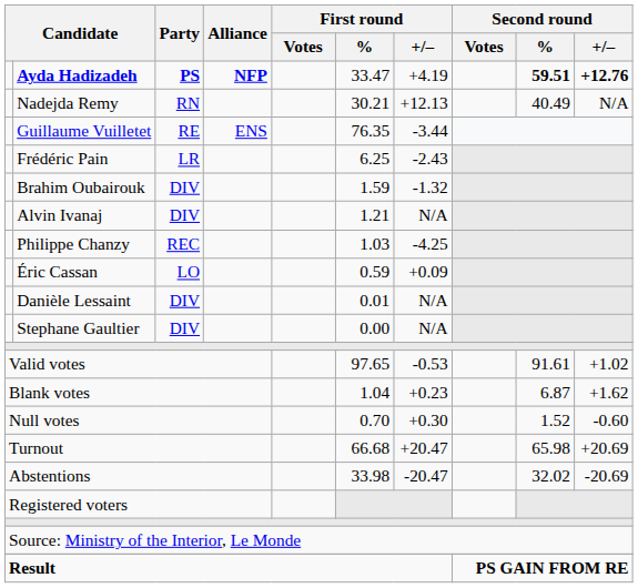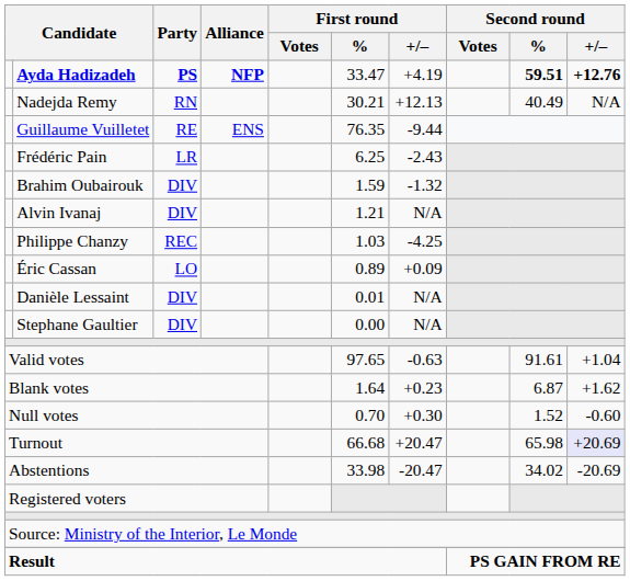 <table class="wikitable" style="text-align:right;font-size:95%;">
 <tr>
 <th rowspan="2" colspan="2">Candidate</th>
 <th rowspan="2">Party</th>
 <th rowspan="2">Alliance</th>
 <th colspan="3">First round</th>
 <th colspan="3">Second round</th>
 </tr>
 <tr>
 <th style="width:50px;">Votes</th>
 <th style="width:45px;">%</th>
 <th style="width:45px;">+/–</th>
 <th style="width:50px;">Votes</th>
 <th style="width:45px;">%</th>
 <th style="width:45px;">+/–</th>
 </tr>
 <tr>
 <td style="color:inherit;background:"></td>
 <td style="text-align:left;"><strong><a href='#'>Ayda Hadizadeh</a></strong></td>
 <td><a href='#'><strong>PS</strong></a></td>
 <td><a href='#'><strong>NFP</strong></a></td>
 <td></td>
 <td>33.47</td>
 <td>+4.19</td>
 <td><strong></strong></td>
 <td><strong>59.51</strong></td>
 <td><strong>+12.76</strong></td>
 </tr>
 <tr>
 <td style="color:inherit;background:"></td>
 <td style="text-align:left;">Nadejda Remy</td>
 <td><a href='#'>RN</a></td>
 <td></td>
 <td></td>
 <td>30.21</td>
 <td>+12.13</td>
 <td></td>
 <td>40.49</td>
 <td>N/A</td>
 </tr>
 <tr>
 <td style="color:inherit;background:"></td>
 <td style="text-align:left;"><a href='#'>Guillaume Vuilletet</a></td>
 <td><a href='#'>RE</a></td>
 <td><a href='#'>ENS</a></td>
 <td></td>
 <td>76.35</td>
-<td>-3.44</td>
+<td>-9.44</td>
 <td colspan="3" style="background:#F8F9FA;"></td>
 </tr>
 <tr>
 <td style="color:inherit;background:"></td>
 <td style="text-align:left;">Frédéric Pain</td>
 <td><a href='#'>LR</a></td>
 <td></td>
 <td></td>
 <td>6.25</td>
 <td>-2.43</td>
 <td colspan="3" style="background:#E9E9E9;"></td>
 </tr>
 <tr>
 <td style="color:inherit;background:"></td>
 <td style="text-align:left;">Brahim Oubairouk</td>
 <td><a href='#'>DIV</a></td>
 <td></td>
 <td></td>
 <td>1.59</td>
 <td>-1.32</td>
 <td colspan="3" style="background:#E9E9E9;"></td>
 </tr>
 <tr>
 <td style="color:inherit;background:"></td>
 <td style="text-align:left;">Alvin Ivanaj</td>
 <td><a href='#'>DIV</a></td>
 <td></td>
 <td></td>
 <td>1.21</td>
 <td>N/A</td>
 <td colspan="3" style="background:#E9E9E9;"></td>
 </tr>
 <tr>
 <td style="color:inherit;background:"></td>
 <td style="text-align:left;">Philippe Chanzy</td>
 <td><a href='#'>REC</a></td>
 <td></td>
 <td></td>
 <td>1.03</td>
 <td>-4.25</td>
 <td colspan="3" style="background:#E9E9E9;"></td>
 </tr>
 <tr>
 <td style="color:inherit;background:"></td>
 <td style="text-align:left;">Éric Cassan</td>
 <td><a href='#'>LO</a></td>
 <td></td>
 <td></td>
-<td>0.59</td>
+<td>0.89</td>
 <td>+0.09</td>
 <td colspan="3" style="background:#E9E9E9;"></td>
 </tr>
 <tr>
 <td style="color:inherit;background:"></td>
 <td style="text-align:left;">Danièle Lessaint</td>
 <td><a href='#'>DIV</a></td>
 <td></td>
 <td></td>
 <td>0.01</td>
 <td>N/A</td>
 <td colspan="3" style="background:#E9E9E9;"></td>
 </tr>
 <tr>
 <td style="color:inherit;background:"></td>
 <td style="text-align:left;">Stephane Gaultier</td>
 <td><a href='#'>DIV</a></td>
 <td></td>
 <td></td>
 <td>0.00</td>
 <td>N/A</td>
 <td colspan="3" style="background:#E9E9E9;"></td>
 </tr>
 <tr>
 <td colspan="10" style="background:#E9E9E9;"></td>
 </tr>
 <tr>
 <td colspan="4" style="text-align:left;">Valid votes</td>
 <td></td>
 <td>97.65</td>
-<td>-0.53</td>
+<td>-0.63</td>
 <td></td>
 <td>91.61</td>
-<td>+1.02</td>
+<td>+1.04</td>
 </tr>
 <tr>
 <td colspan="4" style="text-align:left;">Blank votes</td>
 <td></td>
-<td>1.04</td>
+<td>1.64</td>
 <td>+0.23</td>
 <td></td>
 <td>6.87</td>
 <td>+1.62</td>
 </tr>
 <tr>
 <td colspan="4" style="text-align:left;">Null votes</td>
 <td></td>
 <td>0.70</td>
 <td>+0.30</td>
 <td></td>
 <td>1.52</td>
 <td>-0.60</td>
 </tr>
 <tr>
 <td colspan="4" style="text-align:left;">Turnout</td>
 <td></td>
 <td>66.68</td>
 <td>+20.47</td>
 <td></td>
 <td>65.98</td>
-<td>+20.69</td>
+<td style="background: lavender;">+20.69</td>
 </tr>
 <tr>
 <td colspan="4" style="text-align:left;">Abstentions</td>
 <td></td>
 <td>33.98</td>
 <td>-20.47</td>
 <td></td>
-<td>32.02</td>
+<td>34.02</td>
 <td>-20.69</td>
 </tr>
 <tr>
 <td colspan="4" style="text-align:left;">Registered voters</td>
 <td></td>
 <td colspan="2" style="background:#E9E9E9;"></td>
 <td></td>
 <td colspan="2" style="background:#E9E9E9;"></td>
 </tr>
 <tr>
 <td colspan="10" style="background:#E9E9E9;"></td>
 </tr>
 <tr>
 <td colspan="10" style="text-align:left;">Source: <a href='#'>Ministry of the Interior</a>, <a href='#'>Le Monde</a></td>
 </tr>
 <tr>
 </tr>
 <tr style="font-weight:bold">
 <td colspan="7" style="text-align:left;">Result</td>
 <td colspan="7" style="background-color:">PS GAIN FROM RE</td>
 </tr>
 </table>
